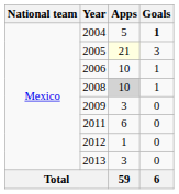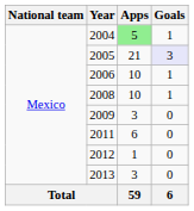 <table class="wikitable" style="text-align: center;">
 <tr>
 <th>National team</th>
 <th>Year</th>
 <th>Apps</th>
 <th>Goals</th>
 </tr>
 <tr>
 <td rowspan="8" valign="center"><a href='#'>Mexico</a></td>
 <td>2004</td>
-<td>5</td>
-<td><strong>1</strong></td>
+<td style="background: lightgreen;">5</td>
+<td>1</td>
 </tr>
 <tr>
 <td>2005</td>
-<td style="background: lightyellow;">21</td>
-<td>3</td>
+<td>21</td>
+<td style="background: lavender;">3</td>
 </tr>
 <tr>
 <td>2006</td>
 <td>10</td>
 <td>1</td>
 </tr>
 <tr>
 <td>2008</td>
-<td style="background: lightgrey;">10</td>
+<td>10</td>
 <td>1</td>
 </tr>
 <tr>
 <td>2009</td>
 <td>3</td>
 <td>0</td>
 </tr>
 <tr>
 <td>2011</td>
 <td>6</td>
 <td>0</td>
 </tr>
 <tr>
 <td>2012</td>
 <td>1</td>
 <td>0</td>
 </tr>
 <tr>
 <td>2013</td>
 <td>3</td>
 <td>0</td>
 </tr>
 <tr>
 <th colspan="2">Total</th>
 <th>59</th>
 <th>6</th>
 </tr>
 </table>
